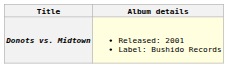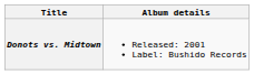 <table class="wikitable plainrowheaders">
 <tr>
 <th scope="col">Title</th>
 <th scope="col">Album details</th>
 </tr>
 <tr>
 <th scope="row"><em>Donots vs. Midtown</em></th>
-<td style="background: lightyellow;"><br><ul><li>Released: 2001</li><li>Label: Bushido Records</li></ul></td>
+<td><br><ul><li>Released: 2001</li><li>Label: Bushido Records</li></ul></td>
 </tr>
 </table>
